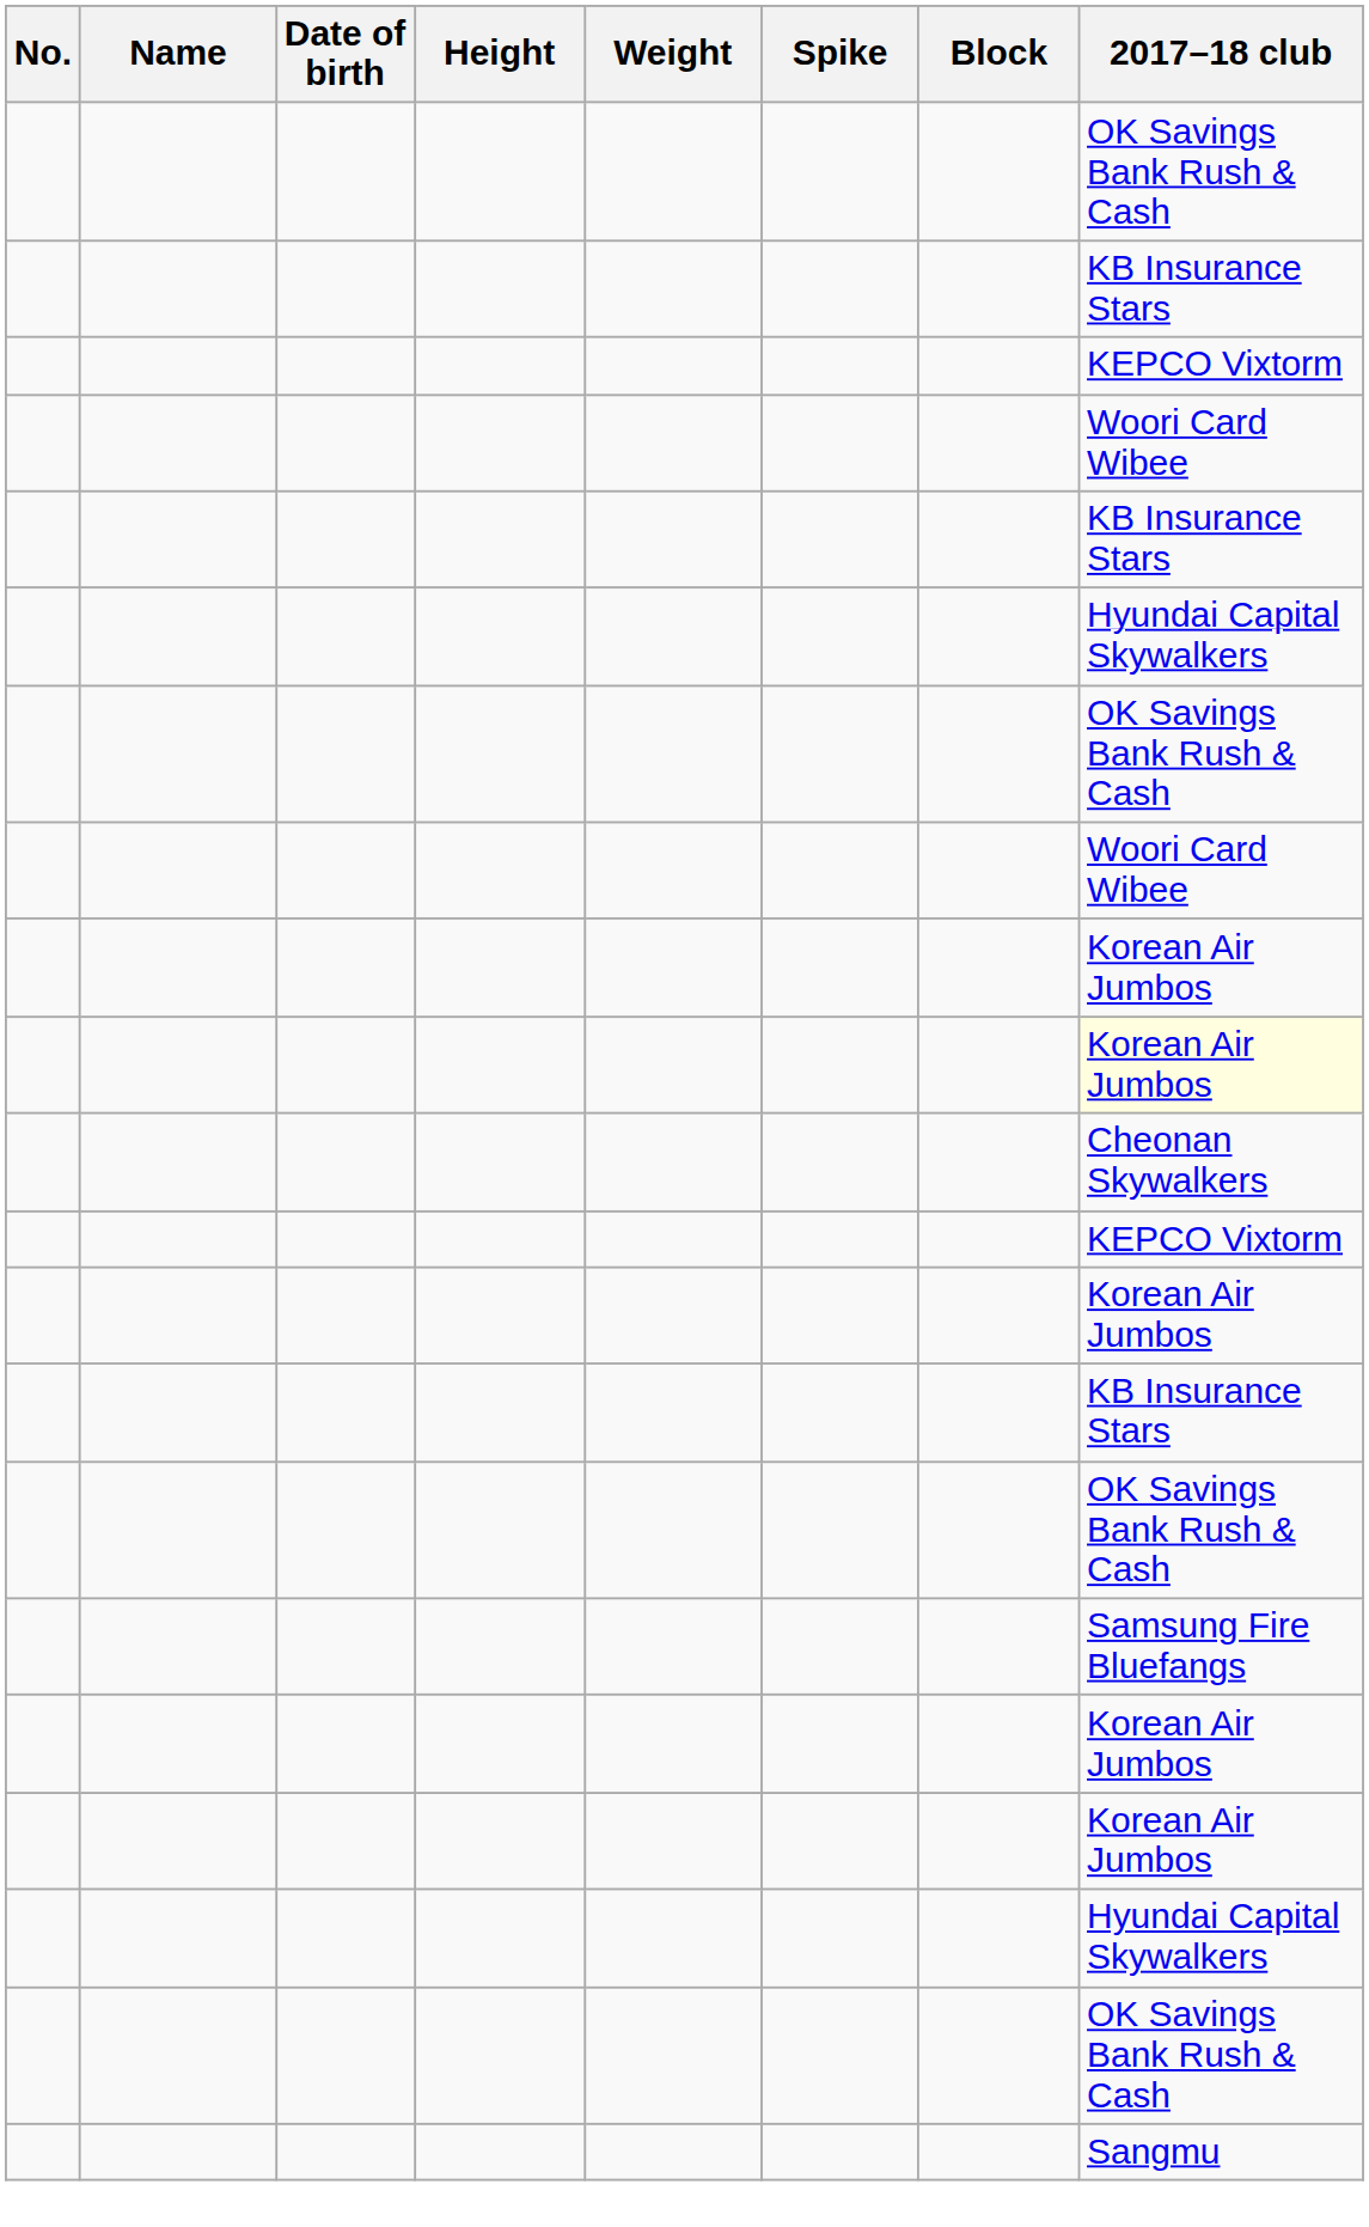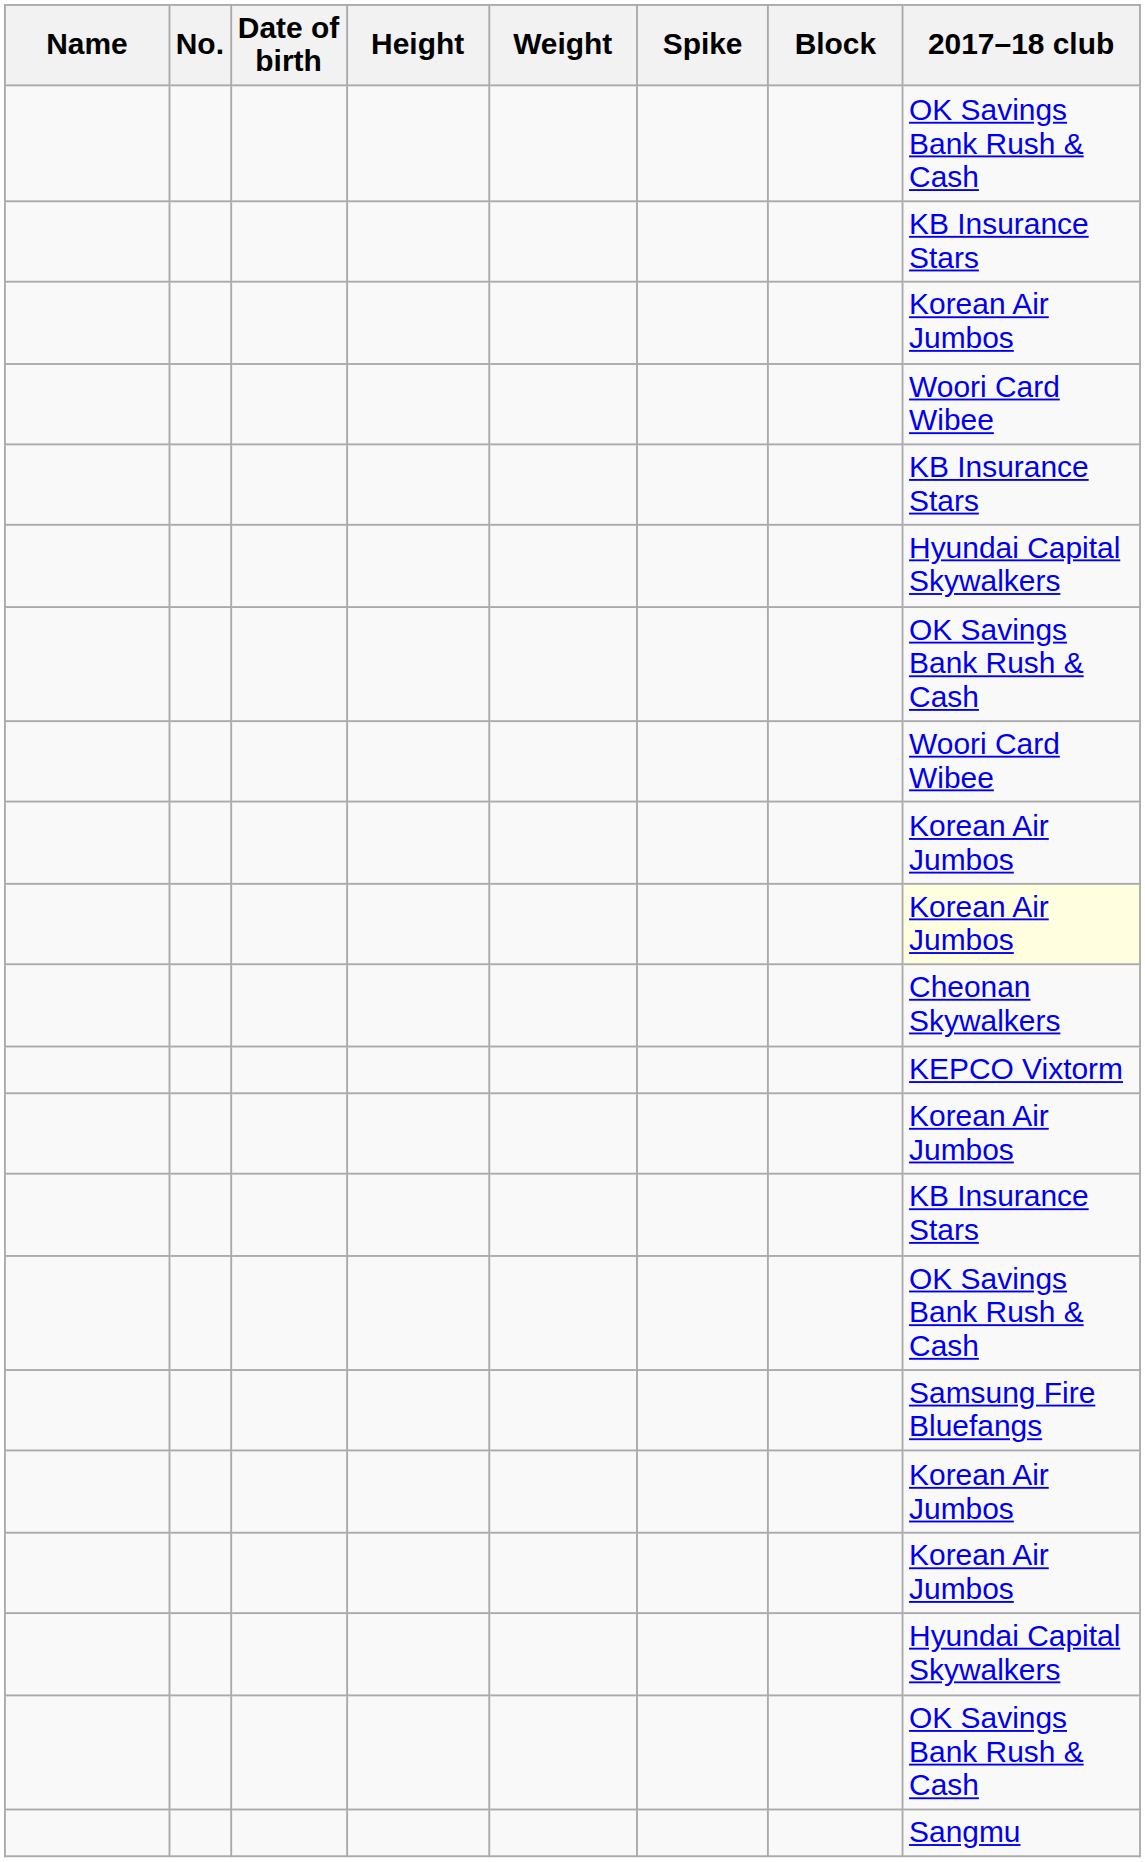 <table class="wikitable sortable" style="font-size:100%; text-align:center;">
 <tr>
+<th style="width:14em">Name</th>
 <th>No.</th>
-<th style="width:14em">Name</th>
 <th style="width:8em">Date of birth</th>
 <th style="width:9em">Height</th>
 <th style="width:9em">Weight</th>
 <th style="width:9em">Spike</th>
 <th style="width:9em">Block</th>
 <th style="width:17em">2017–18 club</th>
 </tr>
 <tr>
+<td style="text-align:left;"></td>
 <td></td>
-<td style="text-align:left;"></td>
 <td style="text-align:right;"></td>
 <td></td>
 <td></td>
 <td></td>
 <td></td>
 <td style="text-align:left;"> <a href='#'>OK Savings Bank Rush & Cash</a></td>
 </tr>
 <tr>
+<td style="text-align:left;"></td>
 <td></td>
-<td style="text-align:left;"></td>
 <td style="text-align:right;"></td>
 <td></td>
 <td></td>
 <td></td>
 <td></td>
 <td style="text-align:left;"> <a href='#'>KB Insurance Stars</a></td>
 </tr>
 <tr>
+<td style="text-align:left;"></td>
 <td></td>
+<td style="text-align:right;"></td>
+<td></td>
+<td></td>
+<td></td>
+<td></td>
+<td style="text-align:left;"> <a href='#'>Korean Air Jumbos</a></td>
+</tr>
+<tr>
 <td style="text-align:left;"></td>
+<td></td>
+<td style="text-align:right;"></td>
+<td></td>
+<td></td>
+<td></td>
+<td></td>
+<td style="text-align:left;"> <a href='#'>Woori Card Wibee</a></td>
+</tr>
+<tr>
+<td style="text-align:left;"></td>
+<td></td>
+<td style="text-align:right;"></td>
+<td></td>
+<td></td>
+<td></td>
+<td></td>
+<td style="text-align:left;"> <a href='#'>KB Insurance Stars</a></td>
+</tr>
+<tr>
+<td style="text-align:left;"></td>
+<td></td>
+<td style="text-align:right;"></td>
+<td></td>
+<td></td>
+<td></td>
+<td></td>
+<td style="text-align:left;"> <a href='#'>Hyundai Capital Skywalkers</a></td>
+</tr>
+<tr>
+<td style="text-align:left;"></td>
+<td></td>
+<td style="text-align:right;"></td>
+<td></td>
+<td></td>
+<td></td>
+<td></td>
+<td style="text-align:left;"> <a href='#'>OK Savings Bank Rush & Cash</a></td>
+</tr>
+<tr>
+<td style="text-align:left;"></td>
+<td></td>
+<td style="text-align:right;"></td>
+<td></td>
+<td></td>
+<td></td>
+<td></td>
+<td style="text-align:left;"> <a href='#'>Woori Card Wibee</a></td>
+</tr>
+<tr>
+<td style="text-align:left;"></td>
+<td></td>
+<td style="text-align:right;"></td>
+<td></td>
+<td></td>
+<td></td>
+<td></td>
+<td style="text-align:left;"> <a href='#'>Korean Air Jumbos</a></td>
+</tr>
+<tr>
+<td style="text-align:left;"></td>
+<td></td>
+<td style="text-align:right;"></td>
+<td></td>
+<td></td>
+<td></td>
+<td></td>
+<td style="background: lightyellow; text-align:left;"> <a href='#'>Korean Air Jumbos</a></td>
+</tr>
+<tr>
+<td style="text-align:left;"></td>
+<td></td>
+<td style="text-align:right;"></td>
+<td></td>
+<td></td>
+<td></td>
+<td></td>
+<td style="text-align:left;"> <a href='#'>Cheonan Skywalkers</a></td>
+</tr>
+<tr>
+<td style="text-align:left;"></td>
+<td></td>
 <td style="text-align:right;"></td>
 <td></td>
 <td></td>
 <td></td>
 <td></td>
 <td style="text-align:left;"> <a href='#'>KEPCO Vixtorm</a></td>
 </tr>
 <tr>
+<td style="text-align:left;"></td>
 <td></td>
-<td style="text-align:left;"></td>
 <td style="text-align:right;"></td>
 <td></td>
 <td></td>
 <td></td>
 <td></td>
-<td style="text-align:left;"> <a href='#'>Woori Card Wibee</a></td>
+<td style="text-align:left;"> <a href='#'>Korean Air Jumbos</a></td>
 </tr>
 <tr>
+<td style="text-align:left;"></td>
 <td></td>
-<td style="text-align:left;"></td>
 <td style="text-align:right;"></td>
 <td></td>
 <td></td>
 <td></td>
 <td></td>
 <td style="text-align:left;"> <a href='#'>KB Insurance Stars</a></td>
 </tr>
 <tr>
+<td style="text-align:left;"></td>
 <td></td>
+<td style="text-align:right;"></td>
+<td></td>
+<td></td>
+<td></td>
+<td></td>
+<td style="text-align:left;"> <a href='#'>OK Savings Bank Rush & Cash</a></td>
+</tr>
+<tr>
 <td style="text-align:left;"></td>
+<td></td>
+<td style="text-align:right;"></td>
+<td></td>
+<td></td>
+<td></td>
+<td></td>
+<td style="text-align:left;"> <a href='#'>Samsung Fire Bluefangs</a></td>
+</tr>
+<tr>
+<td style="text-align:left;"></td>
+<td></td>
+<td style="text-align:right;"></td>
+<td></td>
+<td></td>
+<td></td>
+<td></td>
+<td style="text-align:left;"> <a href='#'>Korean Air Jumbos</a></td>
+</tr>
+<tr>
+<td style="text-align:left;"></td>
+<td></td>
+<td style="text-align:right;"></td>
+<td></td>
+<td></td>
+<td></td>
+<td></td>
+<td style="text-align:left;"> <a href='#'>Korean Air Jumbos</a></td>
+</tr>
+<tr>
+<td style="text-align:left;"></td>
+<td></td>
 <td style="text-align:right;"></td>
 <td></td>
 <td></td>
 <td></td>
 <td></td>
 <td style="text-align:left;"> <a href='#'>Hyundai Capital Skywalkers</a></td>
 </tr>
 <tr>
+<td style="text-align:left;"></td>
 <td></td>
-<td style="text-align:left;"></td>
 <td style="text-align:right;"></td>
 <td></td>
 <td></td>
 <td></td>
 <td></td>
 <td style="text-align:left;"> <a href='#'>OK Savings Bank Rush & Cash</a></td>
 </tr>
 <tr>
+<td style="text-align:left;"></td>
 <td></td>
-<td style="text-align:left;"></td>
-<td style="text-align:right;"></td>
-<td></td>
-<td></td>
-<td></td>
-<td></td>
-<td style="text-align:left;"> <a href='#'>Woori Card Wibee</a></td>
-</tr>
-<tr>
-<td></td>
-<td style="text-align:left;"></td>
-<td style="text-align:right;"></td>
-<td></td>
-<td></td>
-<td></td>
-<td></td>
-<td style="text-align:left;"> <a href='#'>Korean Air Jumbos</a></td>
-</tr>
-<tr>
-<td></td>
-<td style="text-align:left;"></td>
-<td style="text-align:right;"></td>
-<td></td>
-<td></td>
-<td></td>
-<td></td>
-<td style="background: lightyellow; text-align:left;"> <a href='#'>Korean Air Jumbos</a></td>
-</tr>
-<tr>
-<td></td>
-<td style="text-align:left;"></td>
-<td style="text-align:right;"></td>
-<td></td>
-<td></td>
-<td></td>
-<td></td>
-<td style="text-align:left;"> <a href='#'>Cheonan Skywalkers</a></td>
-</tr>
-<tr>
-<td></td>
-<td style="text-align:left;"></td>
-<td style="text-align:right;"></td>
-<td></td>
-<td></td>
-<td></td>
-<td></td>
-<td style="text-align:left;"> <a href='#'>KEPCO Vixtorm</a></td>
-</tr>
-<tr>
-<td></td>
-<td style="text-align:left;"></td>
-<td style="text-align:right;"></td>
-<td></td>
-<td></td>
-<td></td>
-<td></td>
-<td style="text-align:left;"> <a href='#'>Korean Air Jumbos</a></td>
-</tr>
-<tr>
-<td></td>
-<td style="text-align:left;"></td>
-<td style="text-align:right;"></td>
-<td></td>
-<td></td>
-<td></td>
-<td></td>
-<td style="text-align:left;"> <a href='#'>KB Insurance Stars</a></td>
-</tr>
-<tr>
-<td></td>
-<td style="text-align:left;"></td>
-<td style="text-align:right;"></td>
-<td></td>
-<td></td>
-<td></td>
-<td></td>
-<td style="text-align:left;"> <a href='#'>OK Savings Bank Rush & Cash</a></td>
-</tr>
-<tr>
-<td></td>
-<td style="text-align:left;"></td>
-<td style="text-align:right;"></td>
-<td></td>
-<td></td>
-<td></td>
-<td></td>
-<td style="text-align:left;"> <a href='#'>Samsung Fire Bluefangs</a></td>
-</tr>
-<tr>
-<td></td>
-<td style="text-align:left;"></td>
-<td style="text-align:right;"></td>
-<td></td>
-<td></td>
-<td></td>
-<td></td>
-<td style="text-align:left;"> <a href='#'>Korean Air Jumbos</a></td>
-</tr>
-<tr>
-<td></td>
-<td style="text-align:left;"></td>
-<td style="text-align:right;"></td>
-<td></td>
-<td></td>
-<td></td>
-<td></td>
-<td style="text-align:left;"> <a href='#'>Korean Air Jumbos</a></td>
-</tr>
-<tr>
-<td></td>
-<td style="text-align:left;"></td>
-<td style="text-align:right;"></td>
-<td></td>
-<td></td>
-<td></td>
-<td></td>
-<td style="text-align:left;"> <a href='#'>Hyundai Capital Skywalkers</a></td>
-</tr>
-<tr>
-<td></td>
-<td style="text-align:left;"></td>
-<td style="text-align:right;"></td>
-<td></td>
-<td></td>
-<td></td>
-<td></td>
-<td style="text-align:left;"> <a href='#'>OK Savings Bank Rush & Cash</a></td>
-</tr>
-<tr>
-<td></td>
-<td style="text-align:left;"></td>
 <td style="text-align:right;"></td>
 <td></td>
 <td></td>
 <td></td>
 <td></td>
 <td style="text-align:left;"> <a href='#'>Sangmu</a></td>
 </tr>
 </table>
